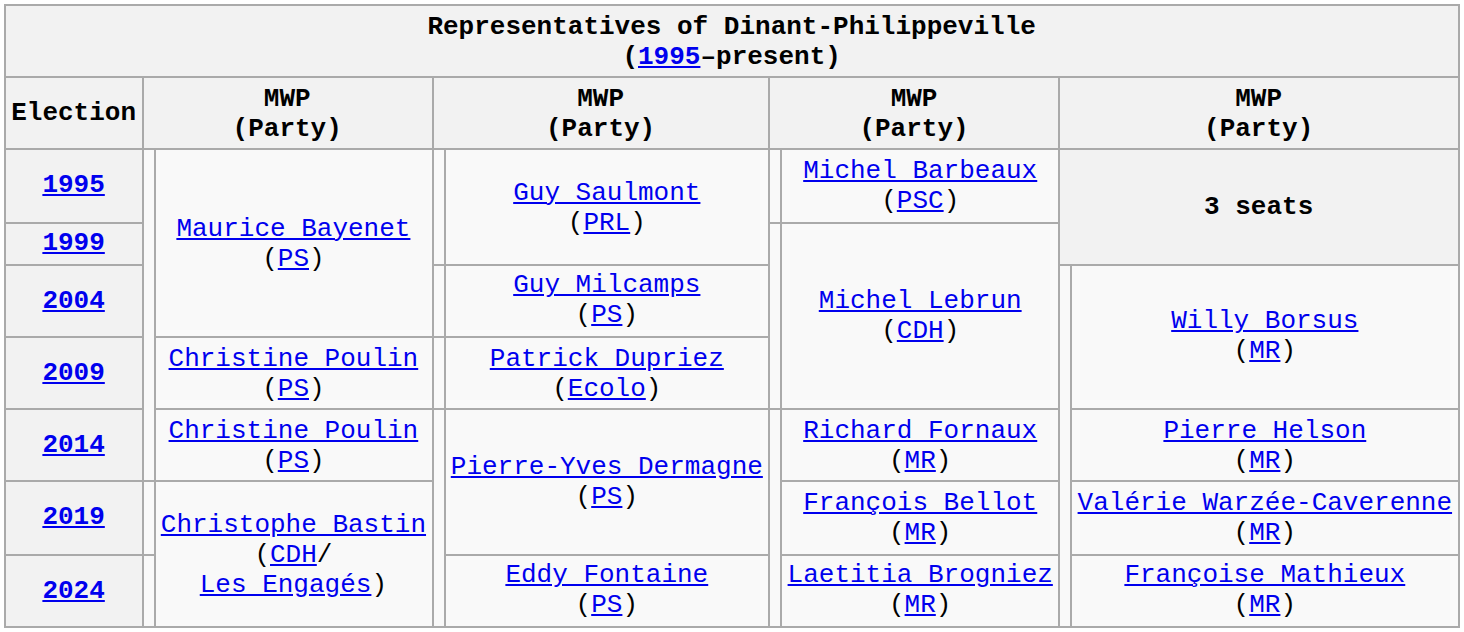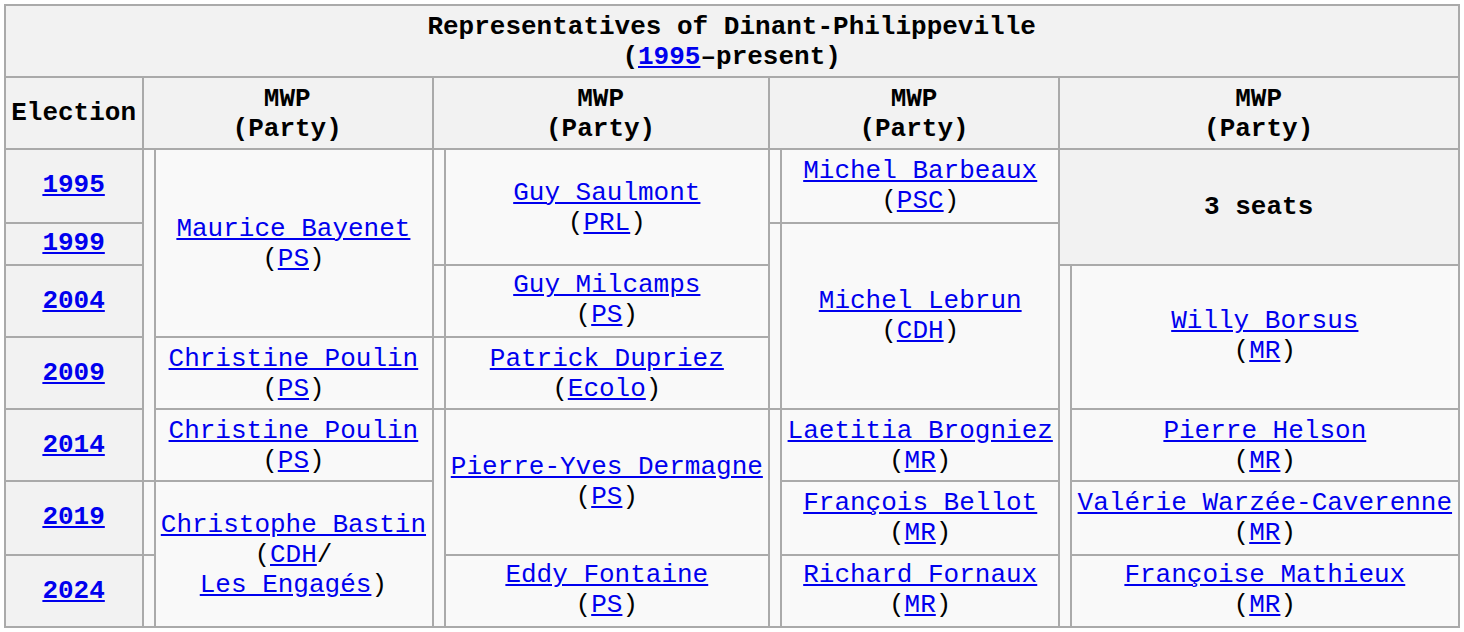 <table class="wikitable" style="text-align:center">
 <tr>
 <th colspan="9">Representatives of Dinant-Philippeville<br>(<a href='#'>1995</a>–present)</th>
 </tr>
 <tr>
 <th>Election</th>
 <th colspan=2>MWP<br>(Party)</th>
 <th colspan=2>MWP<br>(Party)</th>
 <th colspan=2>MWP<br>(Party)</th>
 <th colspan=2>MWP<br>(Party)</th>
 </tr>
 <tr>
 <th><a href='#'>1995</a></th>
 <td rowspan=5; style="background-color: "></td>
 <td rowspan=3><a href='#'>Maurice Bayenet</a><br>(<a href='#'>PS</a>)</td>
 <td rowspan=2; style="background-color: "></td>
 <td rowspan=2><a href='#'>Guy Saulmont</a><br>(<a href='#'>PRL</a>)</td>
 <td rowspan=1; style="background-color: "></td>
 <td rowspan=1><a href='#'>Michel Barbeaux</a><br>(<a href='#'>PSC</a>)</td>
 <th rowspan=2; colspan=2>3 seats</th>
 </tr>
 <tr>
 <th><a href='#'>1999</a></th>
 <td rowspan=3; style="background-color: "></td>
 <td rowspan=3><a href='#'>Michel Lebrun</a><br>(<a href='#'>CDH</a>)</td>
 </tr>
 <tr>
 <th><a href='#'>2004</a></th>
 <td rowspan=1; style="background-color: "></td>
 <td rowspan=1><a href='#'>Guy Milcamps</a><br>(<a href='#'>PS</a>)</td>
 <td rowspan=5; style="background-color: "></td>
 <td rowspan=2><a href='#'>Willy Borsus</a><br>(<a href='#'>MR</a>)</td>
 </tr>
 <tr>
 <th><a href='#'>2009</a></th>
 <td rowspan=1><a href='#'>Christine Poulin</a><br>(<a href='#'>PS</a>)</td>
 <td rowspan=1; style="background-color: "></td>
 <td rowspan=1><a href='#'>Patrick Dupriez</a><br>(<a href='#'>Ecolo</a>)</td>
 </tr>
 <tr>
 <th><a href='#'>2014</a></th>
 <td rowspan=1><a href='#'>Christine Poulin</a><br>(<a href='#'>PS</a>)</td>
 <td rowspan=3; style="background-color: "></td>
 <td rowspan=2><a href='#'>Pierre-Yves Dermagne</a><br>(<a href='#'>PS</a>)</td>
 <td rowspan=3; style="background-color: "></td>
-<td rowspan=1><a href='#'>Richard Fornaux</a><br>(<a href='#'>MR</a>)</td>
+<td rowspan=1><a href='#'>Laetitia Brogniez</a><br>(<a href='#'>MR</a>)</td>
 <td rowspan=1><a href='#'>Pierre Helson</a><br>(<a href='#'>MR</a>)</td>
 </tr>
 <tr>
 <th><a href='#'>2019</a></th>
 <td rowspan=1; style="background-color: "></td>
 <td rowspan=2><a href='#'>Christophe Bastin</a><br>(<a href='#'>CDH</a>/<br><a href='#'>Les Engagés</a>)</td>
 <td rowspan=1><a href='#'>François Bellot</a><br>(<a href='#'>MR</a>)</td>
 <td rowspan=1><a href='#'>Valérie Warzée-Caverenne</a><br>(<a href='#'>MR</a>)</td>
 </tr>
 <tr>
 <th><a href='#'>2024</a></th>
 <td rowspan=1; style="background-color: "></td>
 <td rowspan=1><a href='#'>Eddy Fontaine</a><br>(<a href='#'>PS</a>)</td>
-<td rowspan=1><a href='#'>Laetitia Brogniez</a><br>(<a href='#'>MR</a>)</td>
+<td rowspan=1><a href='#'>Richard Fornaux</a><br>(<a href='#'>MR</a>)</td>
 <td rowspan=1><a href='#'>Françoise Mathieux</a><br>(<a href='#'>MR</a>)</td>
 </tr>
 </table>
